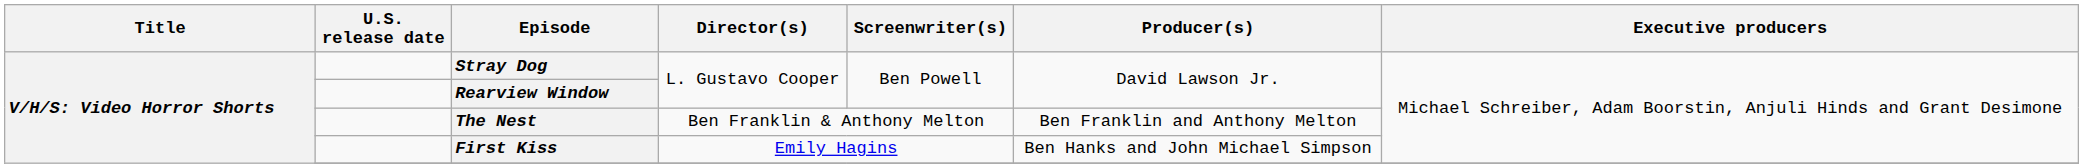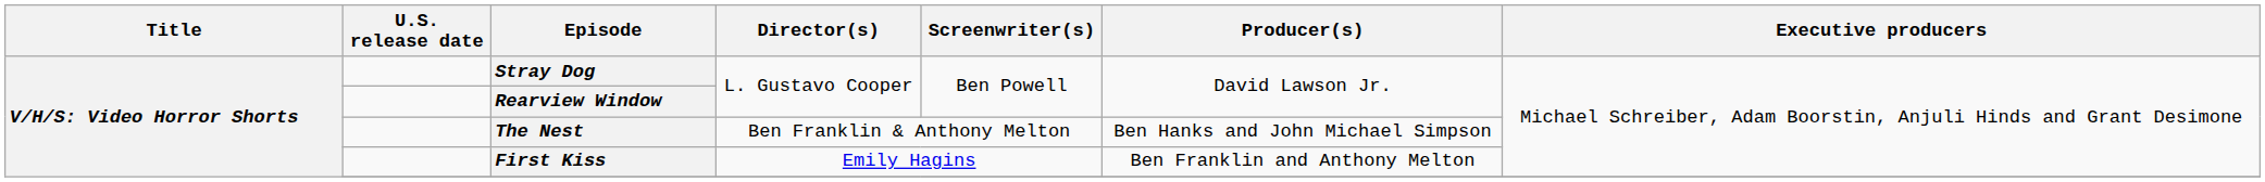 <table class="wikitable plainrowheaders" style="text-align:center" width=100%>
 <tr>
 <th scope="col" style="width:15%;">Title</th>
 <th scope="col">U.S. <br>release date</th>
 <th scope="col" style="width:10%;">Episode</th>
 <th scope="col">Director(s)</th>
 <th scope="col">Screenwriter(s)</th>
 <th scope="col">Producer(s)</th>
 <th scope="col">Executive producers</th>
 </tr>
 <tr>
 <th scope="row" rowspan="6" style="text-align:left"><em>V/H/S: Video Horror Shorts</em></th>
 <td></td>
 <th scope="row" style="text-align:left"><em>Stray Dog</em></th>
 <td rowspan="2">L. Gustavo Cooper</td>
 <td rowspan="2">Ben Powell</td>
 <td rowspan="2">David Lawson Jr.</td>
 <td rowspan="4">Michael Schreiber, Adam Boorstin, Anjuli Hinds and Grant Desimone</td>
 </tr>
 <tr>
 <td></td>
 <th scope="row" style="text-align:left"><em>Rearview Window</em></th>
 </tr>
 <tr>
 <td></td>
 <th scope="row" style="text-align:left"><em>The Nest</em></th>
 <td colspan="2">Ben Franklin & Anthony Melton</td>
-<td>Ben Franklin and Anthony Melton</td>
+<td>Ben Hanks and John Michael Simpson</td>
 </tr>
 <tr>
 <td></td>
 <th scope="row" style="text-align:left"><em>First Kiss</em></th>
 <td colspan="2"><a href='#'>Emily Hagins</a></td>
-<td>Ben Hanks and John Michael Simpson</td>
+<td>Ben Franklin and Anthony Melton</td>
 </tr>
 <tr>
 </tr>
 </table>
